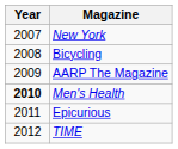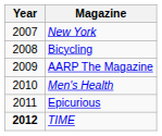 <table class="sortable wikitable plainrowheaders">
 <tr>
 <th scope="col" style="width:50px;">Year</th>
 <th scope="col" style="width:150px;">Magazine</th>
 </tr>
 <tr>
 <td align="center">2007</td>
 <td><em><a href='#'>New York</a></em></td>
 </tr>
 <tr>
 <td align="center">2008</td>
 <td><a href='#'>Bicycling</a></td>
 </tr>
 <tr>
 <td align="center">2009</td>
 <td><a href='#'>AARP The Magazine</a></td>
 </tr>
 <tr>
-<td align="center"><strong>2010</strong></td>
+<td align="center">2010</td>
 <td><em><a href='#'>Men's Health</a></em></td>
 </tr>
 <tr>
 <td align="center">2011</td>
 <td><a href='#'>Epicurious</a></td>
 </tr>
 <tr>
-<td align="center">2012</td>
+<td align="center"><strong>2012</strong></td>
 <td><em><a href='#'>TIME</a></em></td>
 </tr>
 </table>
